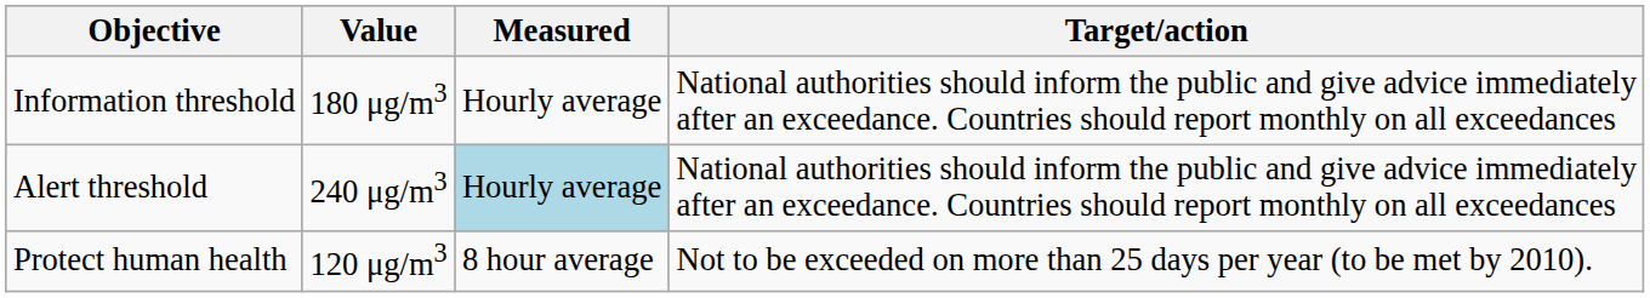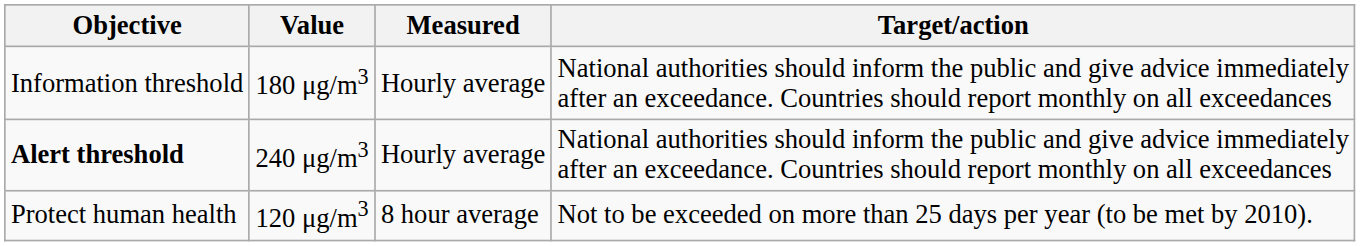 <table class="wikitable">
 <tr>
 <th>Objective</th>
 <th>Value</th>
 <th>Measured</th>
 <th>Target/action</th>
 </tr>
 <tr>
 <td>Information threshold</td>
 <td>180 μg/m<sup>3</sup></td>
 <td>Hourly average</td>
 <td>National authorities should inform the public and give advice immediately<br>after an exceedance. Countries should report monthly on all exceedances</td>
 </tr>
 <tr>
-<td>Alert threshold</td>
+<td><strong>Alert threshold</strong></td>
 <td>240 μg/m<sup>3</sup></td>
-<td style="background: lightblue;">Hourly average</td>
+<td>Hourly average</td>
 <td>National authorities should inform the public and give advice immediately<br>after an exceedance. Countries should report monthly on all exceedances</td>
 </tr>
 <tr>
 <td>Protect human health</td>
 <td>120 μg/m<sup>3</sup></td>
 <td>8 hour average</td>
 <td>Not to be exceeded on more than 25 days per year (to be met by 2010).</td>
 </tr>
 </table>
